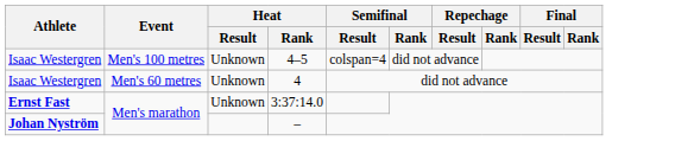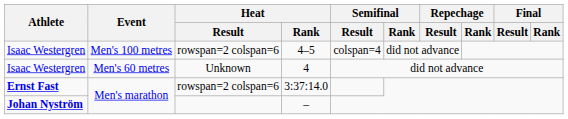 <table class="wikitable">
 <tr>
 <th rowspan=2>Athlete</th>
 <th rowspan=2>Event</th>
 <th colspan=2>Heat</th>
 <th colspan=2>Semifinal</th>
 <th colspan=2>Repechage</th>
 <th colspan=2>Final</th>
 </tr>
 <tr>
 <th>Result</th>
 <th>Rank</th>
 <th>Result</th>
 <th>Rank</th>
 <th>Result</th>
 <th>Rank</th>
 <th>Result</th>
 <th>Rank</th>
 </tr>
 <tr align=center>
 <td align=left><a href='#'>Isaac Westergren</a></td>
 <td><a href='#'>Men's 100 metres</a></td>
-<td>Unknown</td>
+<td>rowspan=2 colspan=6 </td>
 <td>4–5</td>
 <td>colspan=4 </td>
 <td colspan=2>did not advance</td>
 </tr>
 <tr align=center>
 <td align=left><a href='#'>Isaac Westergren</a></td>
 <td><a href='#'>Men's 60 metres</a></td>
 <td>Unknown</td>
 <td>4</td>
 <td colspan=6>did not advance</td>
 </tr>
 <tr align=center>
 <td align=left><strong><a href='#'>Ernst Fast</a></strong></td>
 <td rowspan=2><a href='#'>Men's marathon</a></td>
-<td>Unknown</td>
+<td>rowspan=2 colspan=6 </td>
 <td>3:37:14.0</td>
 <td></td>
 </tr>
 <tr align=center>
 <td align=left><strong><a href='#'>Johan Nyström</a></strong></td>
 <td></td>
 <td>–</td>
 </tr>
 </table>
